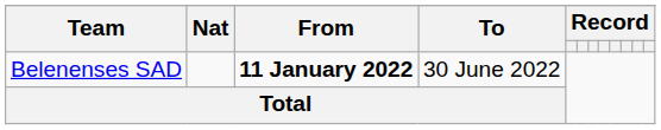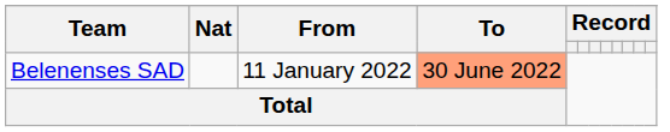 <table class="wikitable" style="text-align: center">
 <tr>
 </tr>
 <tr>
 <th rowspan="2">Team</th>
 <th rowspan="2">Nat</th>
 <th rowspan="2">From</th>
 <th rowspan="2">To</th>
 <th colspan="8">Record</th>
 </tr>
 <tr>
 <th></th>
 <th></th>
 <th></th>
 <th></th>
 <th></th>
 <th></th>
 <th></th>
 <th></th>
 </tr>
 <tr>
 <td align=left><a href='#'>Belenenses SAD</a></td>
 <td></td>
-<td align=left><strong>11 January 2022</strong></td>
-<td align=left>30 June 2022<br></td>
+<td align=left>11 January 2022</td>
+<td align=left style="background: lightsalmon;">30 June 2022<br></td>
 </tr>
 <tr>
 <th colspan="4">Total<br></th>
 </tr>
 </table>
